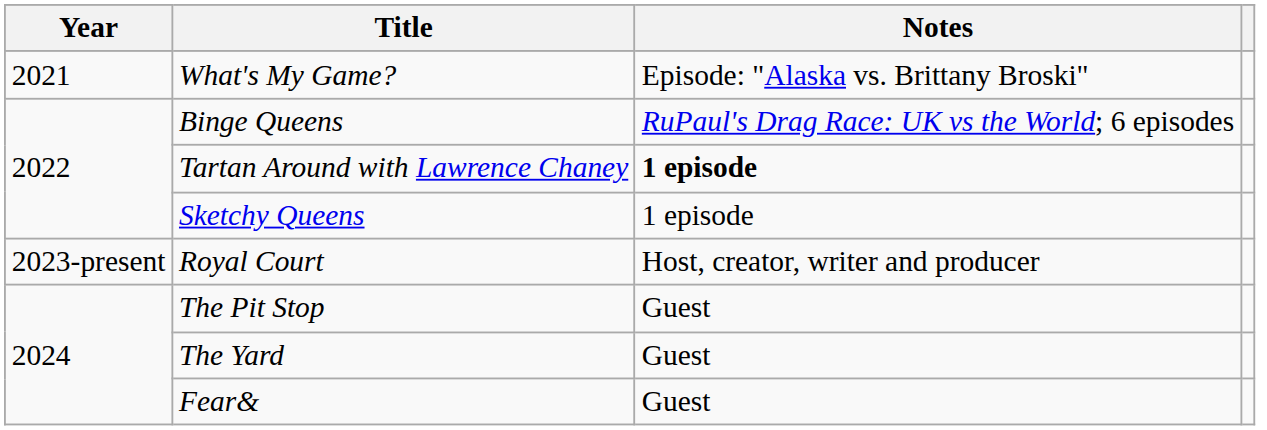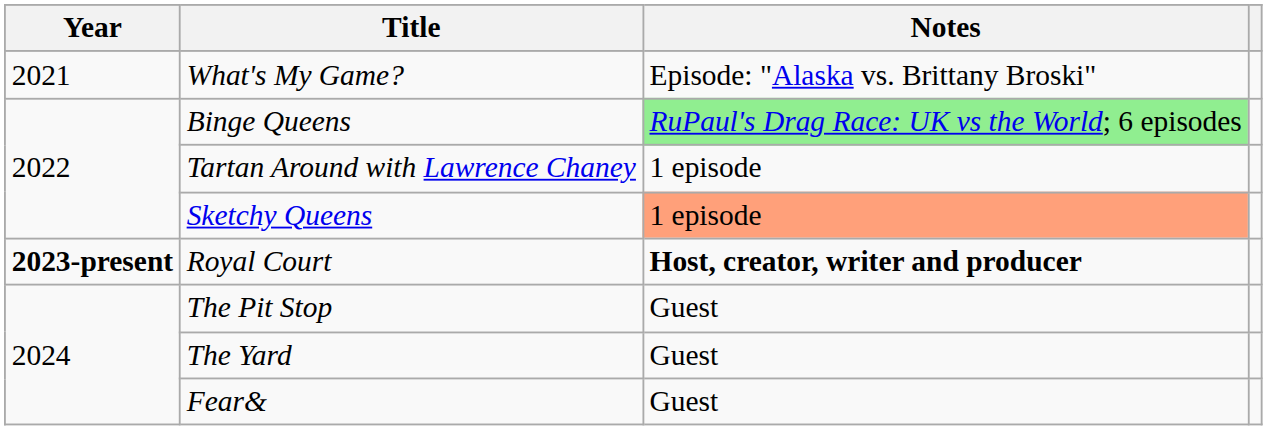 <table class="wikitable plainrowheaders" style="text-align:left;">
 <tr>
 <th scope=col>Year</th>
 <th scope=col>Title</th>
 <th scope=col>Notes</th>
 <th scope=col></th>
 </tr>
 <tr>
 <td>2021</td>
 <td><em>What's My Game?</em></td>
 <td>Episode: "<a href='#'>Alaska</a> vs. Brittany Broski"</td>
 <td></td>
 </tr>
 <tr>
 <td rowspan="3">2022</td>
 <td><em>Binge Queens</em></td>
-<td><em><a href='#'>RuPaul's Drag Race: UK vs the World</a></em>; 6 episodes</td>
+<td style="background: lightgreen;"><em><a href='#'>RuPaul's Drag Race: UK vs the World</a></em>; 6 episodes</td>
 <td></td>
 </tr>
 <tr>
 <td><em>Tartan Around with <a href='#'>Lawrence Chaney</a></em></td>
-<td><strong>1 episode</strong></td>
+<td>1 episode</td>
 <td></td>
 </tr>
 <tr>
 <td><em><a href='#'>Sketchy Queens</a></em></td>
-<td>1 episode</td>
+<td style="background: lightsalmon;">1 episode</td>
 <td></td>
 </tr>
 <tr>
-<td>2023-present</td>
+<td><strong>2023-present</strong></td>
 <td><em>Royal Court</em></td>
-<td>Host, creator, writer and producer</td>
+<td><strong>Host, creator, writer and producer</strong></td>
 <td></td>
 </tr>
 <tr>
 <td rowspan="3">2024</td>
 <td><em>The Pit Stop</em></td>
 <td>Guest</td>
 <td></td>
 </tr>
 <tr>
 <td><em>The Yard</em></td>
 <td>Guest</td>
 <td></td>
 </tr>
 <tr>
 <td><em>Fear&</em></td>
 <td>Guest</td>
 <td></td>
 </tr>
 </table>
